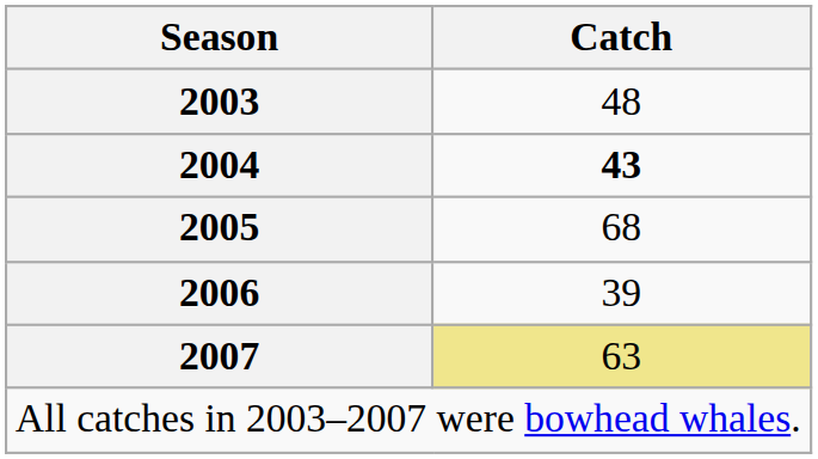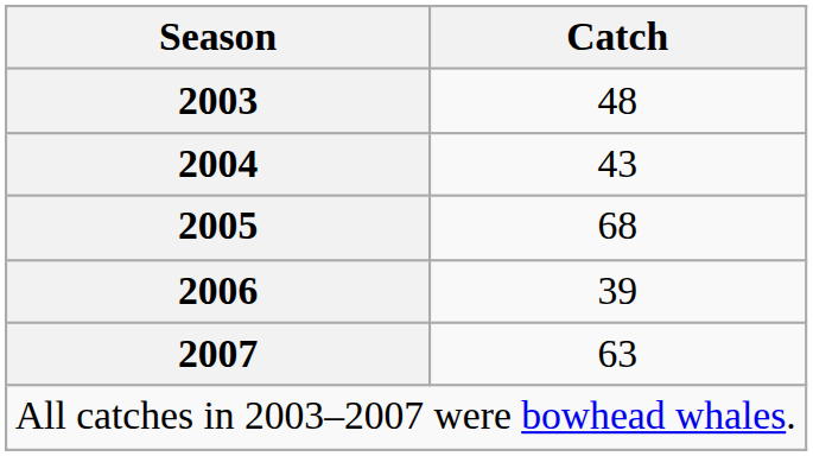 <table class="wikitable" style="float:left; text-align:center; margin:0 1em 0 0;">
 <tr>
 <th>Season</th>
 <th>Catch </th>
 </tr>
 <tr>
 <th>2003</th>
 <td>48</td>
 </tr>
 <tr>
 <th>2004</th>
-<td><strong>43</strong></td>
+<td>43</td>
 </tr>
 <tr>
 <th>2005</th>
 <td>68</td>
 </tr>
 <tr>
 <th>2006</th>
 <td>39</td>
 </tr>
 <tr>
 <th>2007</th>
-<td style="background: khaki;">63</td>
+<td>63</td>
 </tr>
 <tr>
 <td colspan=2>All catches in 2003–2007 were <a href='#'>bowhead whales</a>.</td>
 </tr>
 </table>
